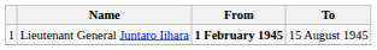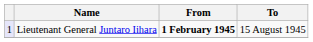 <table class=wikitable>
 <tr>
 <th></th>
 <th>Name</th>
 <th>From</th>
 <th>To</th>
 </tr>
 <tr>
-<td>1</td>
+<td style="background: lavender;">1</td>
 <td>Lieutenant General <a href='#'>Juntaro Iihara</a></td>
 <td><strong>1 February 1945</strong></td>
 <td>15 August 1945</td>
 </tr>
 <tr>
 </tr>
 </table>
